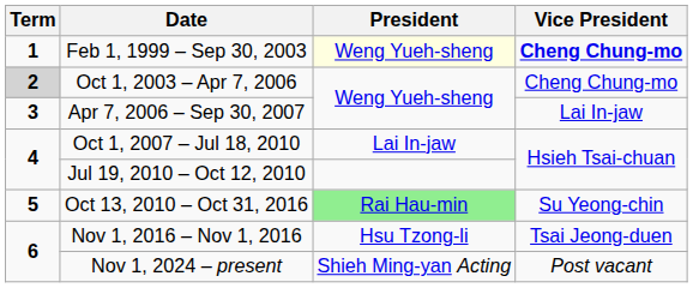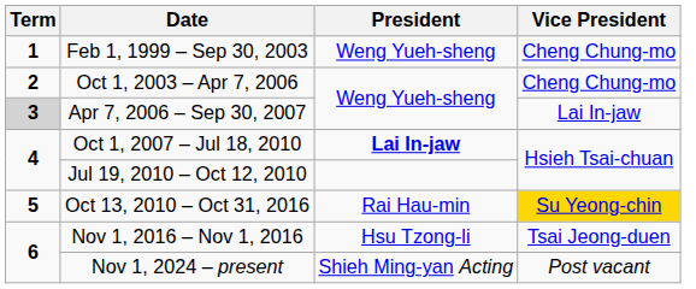 <table class=wikitable style="text-align:center;">
 <tr>
 <th>Term</th>
 <th>Date</th>
 <th>President</th>
 <th>Vice President</th>
 </tr>
 <tr>
 <td><strong>1</strong></td>
 <td>Feb 1, 1999 – Sep 30, 2003</td>
-<td style="background: lightyellow;"><a href='#'>Weng Yueh-sheng</a></td>
-<td><strong><a href='#'>Cheng Chung-mo</a></strong></td>
+<td><a href='#'>Weng Yueh-sheng</a></td>
+<td><a href='#'>Cheng Chung-mo</a></td>
 </tr>
 <tr>
-<td style="background: lightgrey;"><strong>2</strong></td>
+<td><strong>2</strong></td>
 <td>Oct 1, 2003 – Apr 7, 2006</td>
 <td rowspan=2><a href='#'>Weng Yueh-sheng</a></td>
 <td><a href='#'>Cheng Chung-mo</a></td>
 </tr>
 <tr>
-<td><strong>3</strong></td>
+<td style="background: lightgrey;"><strong>3</strong></td>
 <td>Apr 7, 2006 – Sep 30, 2007</td>
 <td><a href='#'>Lai In-jaw</a></td>
 </tr>
 <tr>
 <td rowspan=2><strong>4</strong></td>
 <td>Oct 1, 2007 – Jul 18, 2010</td>
-<td><a href='#'>Lai In-jaw</a></td>
+<td><strong><a href='#'>Lai In-jaw</a></strong></td>
 <td rowspan=2><a href='#'>Hsieh Tsai-chuan</a></td>
 </tr>
 <tr>
 <td>Jul 19, 2010 – Oct 12, 2010</td>
 <td><em></em></td>
 </tr>
 <tr>
 <td><strong>5</strong></td>
 <td>Oct 13, 2010 – Oct 31, 2016</td>
-<td style="background: lightgreen;"><a href='#'>Rai Hau-min</a></td>
-<td><a href='#'>Su Yeong-chin</a></td>
+<td><a href='#'>Rai Hau-min</a></td>
+<td style="background: gold;"><a href='#'>Su Yeong-chin</a></td>
 </tr>
 <tr>
 <td rowspan=2><strong>6</strong></td>
 <td>Nov 1, 2016 – Nov 1, 2016</td>
 <td><a href='#'>Hsu Tzong-li</a></td>
 <td><a href='#'>Tsai Jeong-duen</a></td>
 </tr>
 <tr>
 <td>Nov 1, 2024 – <em>present</em></td>
 <td><a href='#'>Shieh Ming-yan</a> <em>Acting</em></td>
 <td><em>Post vacant</em></td>
 </tr>
 </table>
